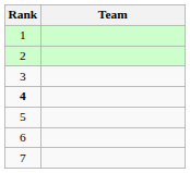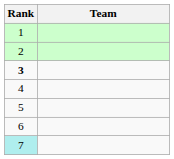 <table class="wikitable" style="text-align: center; font-size:90% ">
 <tr>
 <th width=35>Rank</th>
 <th width=160>Team</th>
 </tr>
 <tr bgcolor=ccffcc>
 <td>1</td>
 <td align=left></td>
 </tr>
 <tr bgcolor=ccffcc>
 <td>2</td>
 <td align=left></td>
 </tr>
 <tr>
-<td>3</td>
+<td><strong>3</strong></td>
 <td align=left></td>
 </tr>
 <tr>
-<td><strong>4</strong></td>
+<td>4</td>
 <td align=left></td>
 </tr>
 <tr>
 <td>5</td>
 <td align=left></td>
 </tr>
 <tr>
 <td>6</td>
 <td align=left></td>
 </tr>
 <tr>
-<td>7</td>
+<td style="background: paleturquoise;">7</td>
 <td align=left></td>
 </tr>
 </table>
